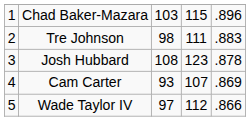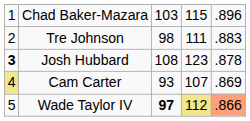 <table class="wikitable sortable" style="text-align:center">
 <tr>
 </tr>
 <tr>
 <td>1</td>
 <td>Chad Baker-Mazara</td>
 <td>103</td>
 <td>115</td>
 <td>.896</td>
 </tr>
 <tr>
 <td>2</td>
 <td>Tre Johnson</td>
 <td>98</td>
 <td>111</td>
 <td>.883</td>
 </tr>
 <tr>
-<td>3</td>
+<td><strong>3</strong></td>
 <td>Josh Hubbard</td>
 <td>108</td>
 <td>123</td>
 <td>.878</td>
 </tr>
 <tr>
-<td>4</td>
+<td style="background: khaki;">4</td>
 <td>Cam Carter</td>
 <td>93</td>
 <td>107</td>
 <td>.869</td>
 </tr>
 <tr>
 <td>5</td>
 <td>Wade Taylor IV</td>
-<td>97</td>
-<td>112</td>
-<td>.866</td>
+<td><strong>97</strong></td>
+<td style="background: khaki;">112</td>
+<td style="background: lightsalmon;">.866</td>
 </tr>
 </table>
